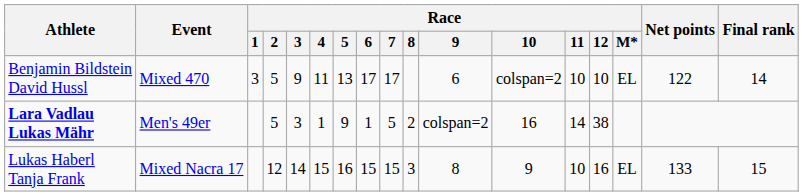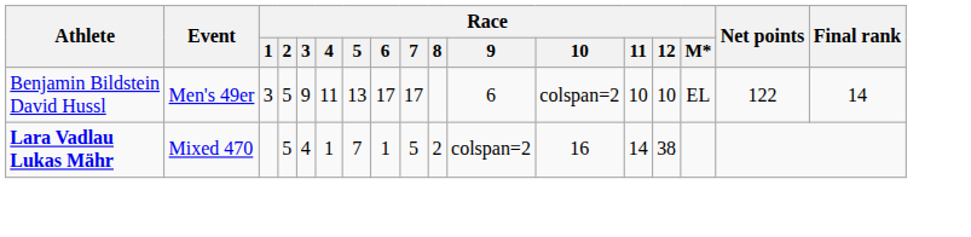 <table class="wikitable" style="font-size:90%">
 <tr>
 <th rowspan=2>Athlete</th>
 <th rowspan=2>Event</th>
 <th colspan=13>Race</th>
 <th rowspan=2>Net points</th>
 <th rowspan=2>Final rank</th>
 </tr>
 <tr style=font-size:95%>
 <th>1</th>
 <th>2</th>
 <th>3</th>
 <th>4</th>
 <th>5</th>
 <th>6</th>
 <th>7</th>
 <th>8</th>
 <th>9</th>
 <th>10</th>
 <th>11</th>
 <th>12</th>
 <th>M*</th>
 </tr>
 <tr align=center>
 <td align=left><a href='#'>Benjamin Bildstein</a><br><a href='#'>David Hussl</a></td>
-<td align=left><a href='#'>Mixed 470</a></td>
+<td align=left><a href='#'>Men's 49er</a></td>
 <td>3</td>
 <td>5</td>
 <td>9</td>
 <td>11</td>
 <td>13</td>
 <td>17</td>
 <td>17</td>
 <td></td>
 <td>6</td>
 <td>colspan=2 </td>
 <td>10</td>
 <td>10</td>
 <td>EL</td>
 <td>122</td>
 <td>14</td>
 </tr>
 <tr align=center>
 <td align=left><strong><a href='#'>Lara Vadlau</a></strong><br><strong><a href='#'>Lukas Mähr</a></strong></td>
-<td align=left><a href='#'>Men's 49er</a></td>
+<td align=left><a href='#'>Mixed 470</a></td>
 <td></td>
 <td>5</td>
-<td>3</td>
+<td>4</td>
 <td>1</td>
-<td>9</td>
+<td>7</td>
 <td>1</td>
 <td>5</td>
 <td>2</td>
 <td>colspan=2 </td>
 <td>16</td>
 <td>14</td>
 <td>38</td>
 <td></td>
 </tr>
-<tr align=center>
-<td align=left><a href='#'>Lukas Haberl</a><br><a href='#'>Tanja Frank</a></td>
-<td align=left><a href='#'>Mixed Nacra 17</a></td>
-<td></td>
-<td>12</td>
-<td>14</td>
-<td>15</td>
-<td>16</td>
-<td>15</td>
-<td>15</td>
-<td>3</td>
-<td>8</td>
-<td>9</td>
-<td>10</td>
-<td>16</td>
-<td>EL</td>
-<td>133</td>
-<td>15</td>
-</tr>
 </table>
